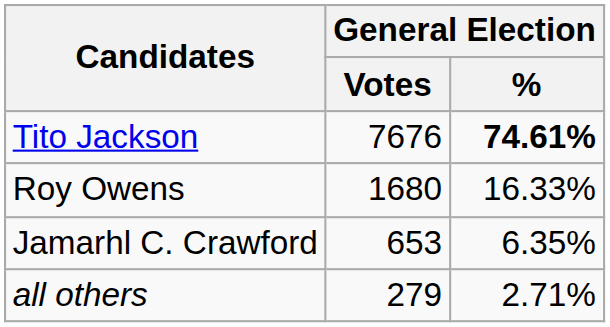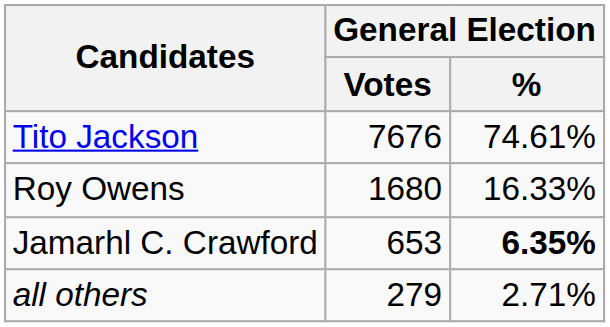 <table class=wikitable>
 <tr>
 <th colspan=1 rowspan=2><strong>Candidates</strong></th>
 <th colspan=2><strong>General Election</strong></th>
 </tr>
 <tr>
 <th>Votes</th>
 <th>%</th>
 </tr>
 <tr>
 <td><a href='#'>Tito Jackson</a></td>
 <td align="right">7676</td>
-<td align="right"><strong>74.61%</strong></td>
+<td align="right">74.61%</td>
 </tr>
 <tr>
 <td>Roy Owens</td>
 <td align="right">1680</td>
 <td align="right">16.33%</td>
 </tr>
 <tr>
 <td>Jamarhl C. Crawford</td>
 <td align="right">653</td>
-<td align="right">6.35%</td>
+<td align="right"><strong>6.35%</strong></td>
 </tr>
 <tr>
 <td><em>all others</em></td>
 <td align="right">279</td>
 <td align="right">2.71%</td>
 </tr>
 </table>
